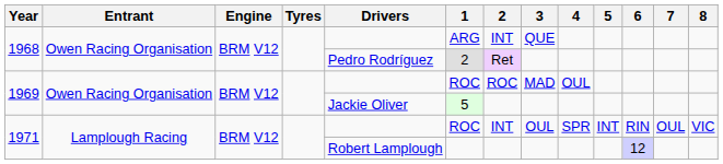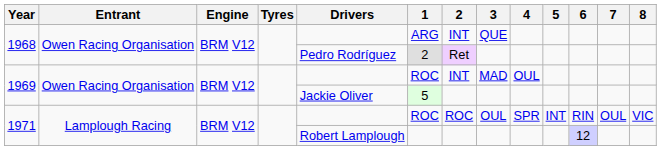 <table class="wikitable" style="text-align:center; font-size:95%">
 <tr>
 <th>Year</th>
 <th>Entrant</th>
 <th>Engine</th>
 <th>Tyres</th>
 <th>Drivers</th>
 <th>1</th>
 <th>2</th>
 <th>3</th>
 <th>4</th>
 <th>5</th>
 <th>6</th>
 <th>7</th>
 <th>8</th>
 </tr>
 <tr>
 <td rowspan="2"><a href='#'>1968</a></td>
 <td rowspan="2"><a href='#'>Owen Racing Organisation</a></td>
 <td rowspan="2"><a href='#'>BRM</a> <a href='#'>V12</a></td>
 <td rowspan="2"></td>
 <td></td>
 <td><a href='#'>ARG</a></td>
 <td><a href='#'>INT</a></td>
 <td><a href='#'>QUE</a></td>
 <td></td>
 <td></td>
 <td></td>
 <td></td>
 <td></td>
 </tr>
 <tr>
 <td align="left"><a href='#'>Pedro Rodríguez</a></td>
 <td style="background:#DFDFDF;">2</td>
 <td style="background:#EFCFFF;">Ret</td>
 <td></td>
 <td></td>
 <td></td>
 <td></td>
 <td></td>
 <td></td>
 </tr>
 <tr>
 <td rowspan="2"><a href='#'>1969</a></td>
 <td rowspan="2"><a href='#'>Owen Racing Organisation</a></td>
 <td rowspan="2"><a href='#'>BRM</a> <a href='#'>V12</a></td>
 <td rowspan="2"></td>
 <td></td>
 <td><a href='#'>ROC</a></td>
-<td><a href='#'>ROC</a></td>
+<td><a href='#'>INT</a></td>
 <td><a href='#'>MAD</a></td>
 <td><a href='#'>OUL</a></td>
 <td></td>
 <td></td>
 <td></td>
 <td></td>
 </tr>
 <tr>
 <td align="left"><a href='#'>Jackie Oliver</a></td>
 <td style="background:#DFFFDF;">5</td>
 <td></td>
 <td></td>
 <td></td>
 <td></td>
 <td></td>
 <td></td>
 <td></td>
 </tr>
 <tr>
 <td rowspan="2"><a href='#'>1971</a></td>
 <td rowspan="2"><a href='#'>Lamplough Racing</a></td>
 <td rowspan="2"><a href='#'>BRM</a> <a href='#'>V12</a></td>
 <td rowspan="2"></td>
 <td></td>
 <td><a href='#'>ROC</a></td>
-<td><a href='#'>INT</a></td>
+<td><a href='#'>ROC</a></td>
 <td><a href='#'>OUL</a></td>
 <td><a href='#'>SPR</a></td>
 <td><a href='#'>INT</a></td>
 <td><a href='#'>RIN</a></td>
 <td><a href='#'>OUL</a></td>
 <td><a href='#'>VIC</a></td>
 </tr>
 <tr>
 <td align="left"><a href='#'>Robert Lamplough</a></td>
 <td></td>
 <td></td>
 <td></td>
 <td></td>
 <td></td>
 <td style="background:#CFCFFF;">12</td>
 <td></td>
 <td></td>
 </tr>
 </table>
